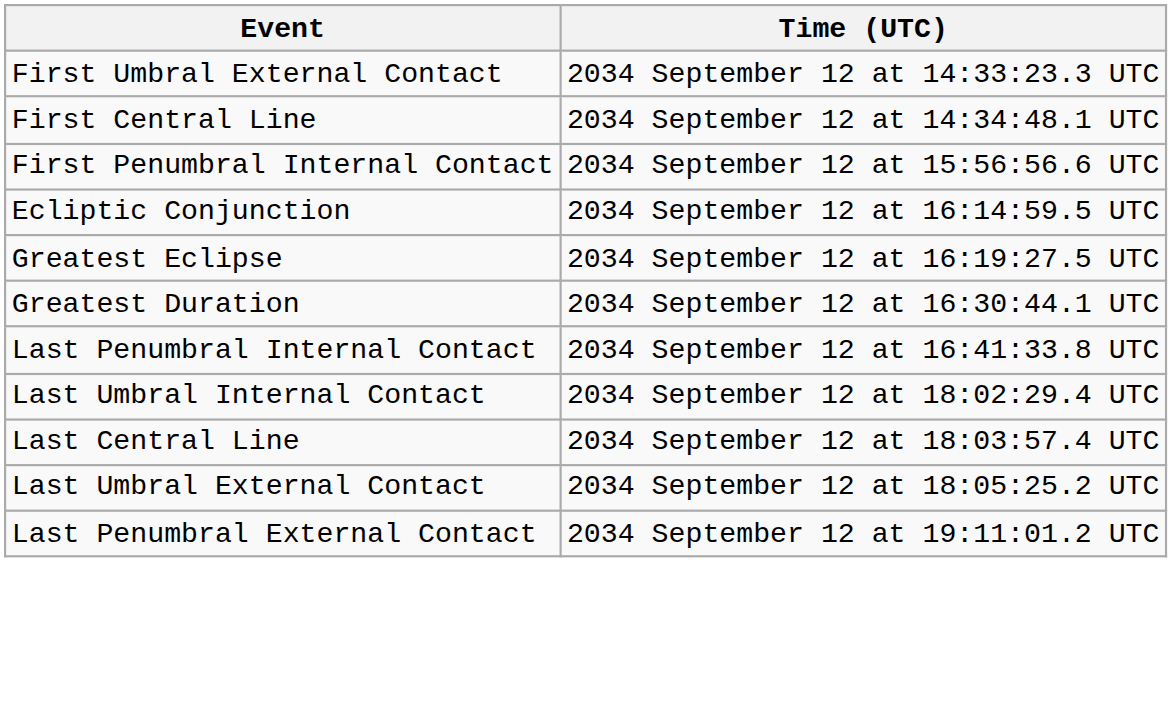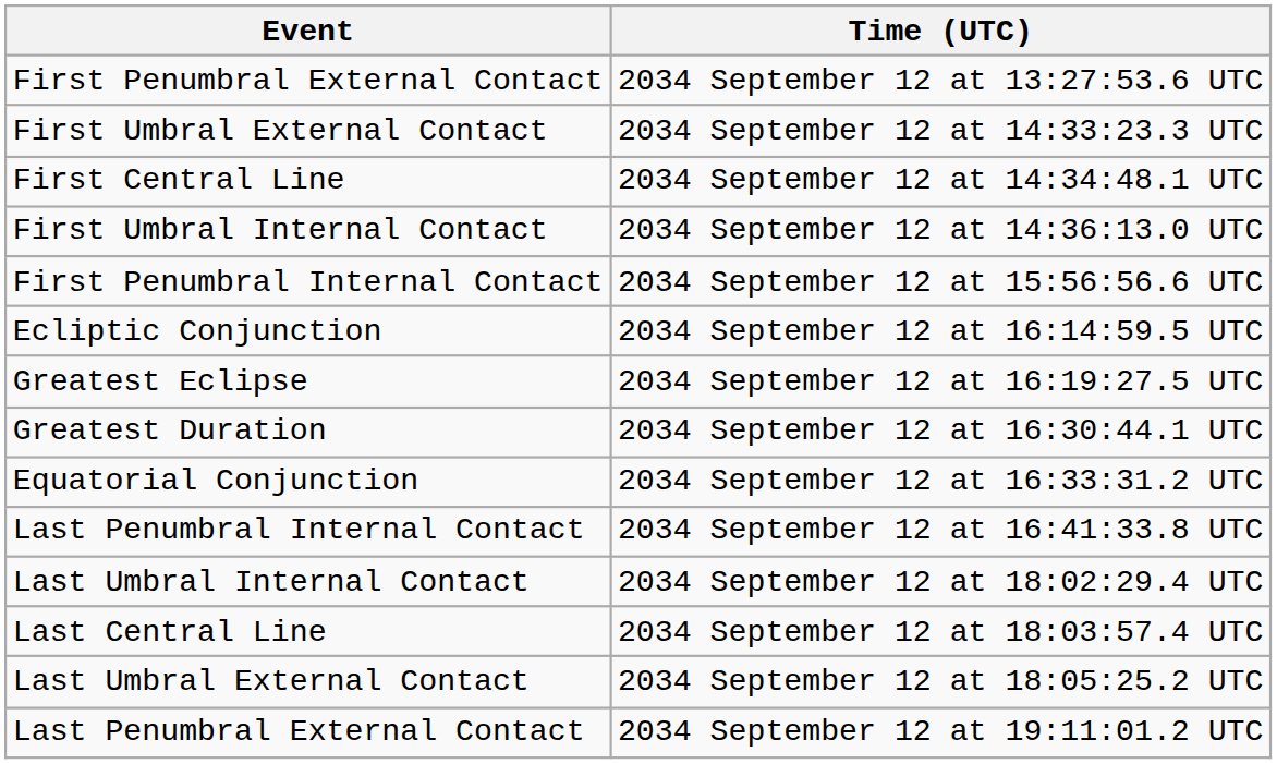 <table class="wikitable">
 <tr>
 <th>Event</th>
 <th>Time (UTC)</th>
+</tr>
+<tr>
+<td>First Penumbral External Contact</td>
+<td>2034 September 12 at 13:27:53.6 UTC</td>
 </tr>
 <tr>
 <td>First Umbral External Contact</td>
 <td>2034 September 12 at 14:33:23.3 UTC</td>
 </tr>
 <tr>
 <td>First Central Line</td>
 <td>2034 September 12 at 14:34:48.1 UTC</td>
+</tr>
+<tr>
+<td>First Umbral Internal Contact</td>
+<td>2034 September 12 at 14:36:13.0 UTC</td>
 </tr>
 <tr>
 <td>First Penumbral Internal Contact</td>
 <td>2034 September 12 at 15:56:56.6 UTC</td>
 </tr>
 <tr>
 <td>Ecliptic Conjunction</td>
 <td>2034 September 12 at 16:14:59.5 UTC</td>
 </tr>
 <tr>
 <td>Greatest Eclipse</td>
 <td>2034 September 12 at 16:19:27.5 UTC</td>
 </tr>
 <tr>
 <td>Greatest Duration</td>
 <td>2034 September 12 at 16:30:44.1 UTC</td>
+</tr>
+<tr>
+<td>Equatorial Conjunction</td>
+<td>2034 September 12 at 16:33:31.2 UTC</td>
 </tr>
 <tr>
 <td>Last Penumbral Internal Contact</td>
 <td>2034 September 12 at 16:41:33.8 UTC</td>
 </tr>
 <tr>
 <td>Last Umbral Internal Contact</td>
 <td>2034 September 12 at 18:02:29.4 UTC</td>
 </tr>
 <tr>
 <td>Last Central Line</td>
 <td>2034 September 12 at 18:03:57.4 UTC</td>
 </tr>
 <tr>
 <td>Last Umbral External Contact</td>
 <td>2034 September 12 at 18:05:25.2 UTC</td>
 </tr>
 <tr>
 <td>Last Penumbral External Contact</td>
 <td>2034 September 12 at 19:11:01.2 UTC</td>
 </tr>
 </table>
